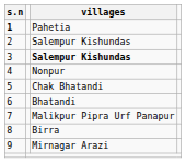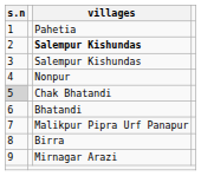 <table class="wikitable">
 <tr>
 <th>s.n</th>
 <td></td>
 <th>villages</th>
 </tr>
 <tr>
-<td><strong>1</strong></td>
+<td>1</td>
 <td></td>
 <td>Pahetia</td>
 <td></td>
 </tr>
 <tr>
 <td>2</td>
 <td></td>
-<td>Salempur Kishundas</td>
+<td><strong>Salempur Kishundas</strong></td>
 <td></td>
 </tr>
 <tr>
 <td>3</td>
 <td></td>
-<td><strong>Salempur Kishundas</strong></td>
+<td>Salempur Kishundas</td>
 <td></td>
 </tr>
 <tr>
 <td>4</td>
 <td></td>
 <td>Nonpur</td>
 <td></td>
 </tr>
 <tr>
-<td>5</td>
+<td style="background: lightgrey;">5</td>
 <td></td>
 <td>Chak Bhatandi</td>
 <td></td>
 </tr>
 <tr>
 <td>6</td>
 <td></td>
 <td>Bhatandi</td>
 <td></td>
 </tr>
 <tr>
 <td>7</td>
 <td></td>
 <td>Malikpur Pipra Urf Panapur</td>
 </tr>
 <tr>
 <td>8</td>
 <td></td>
 <td>Birra</td>
 <td></td>
 </tr>
 <tr>
 <td>9</td>
 <td></td>
 <td>Mirnagar Arazi</td>
 <td></td>
 </tr>
 <tr>
 <td></td>
 </tr>
 </table>
